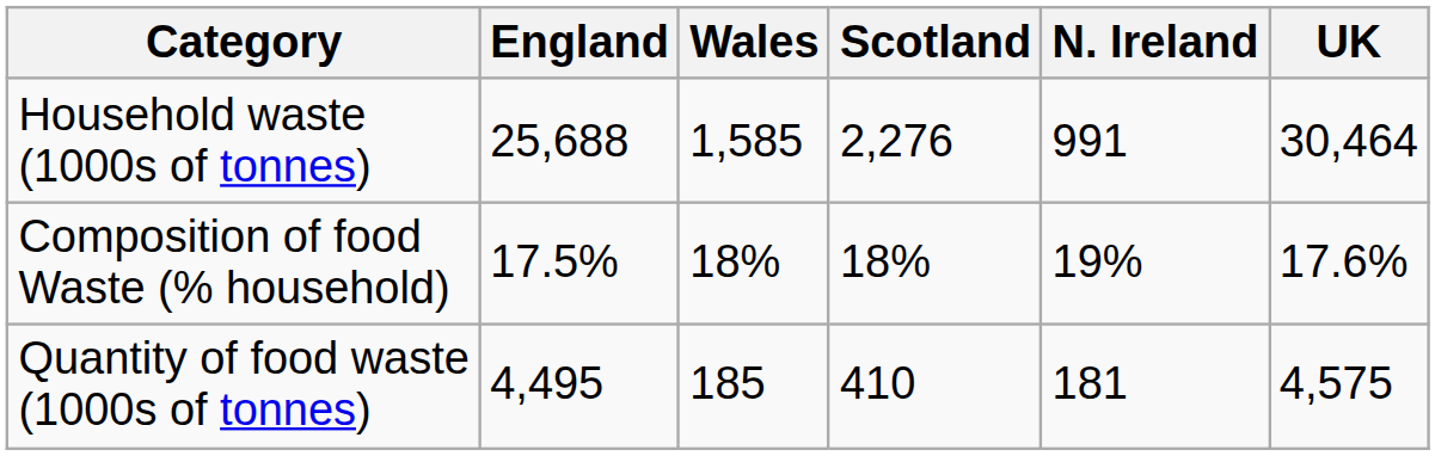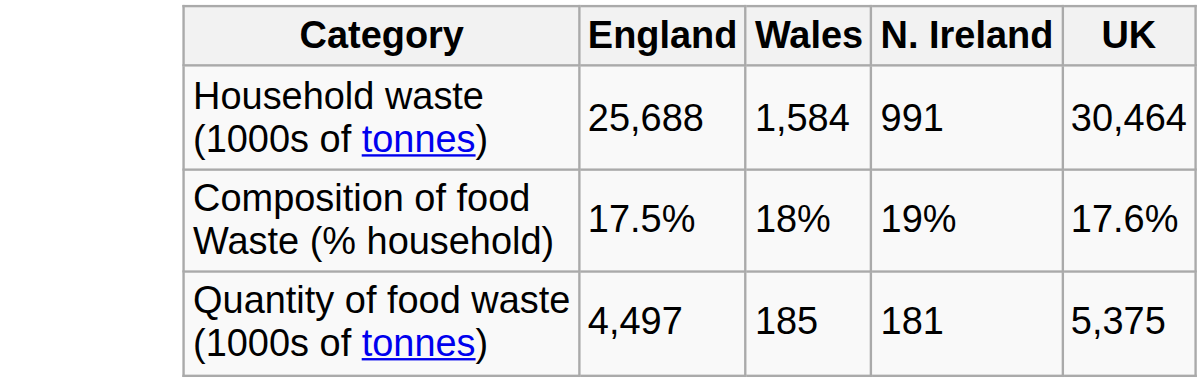 <table class="wikitable" border="1" style="float: right; margin-left: 2em;">
 <tr>
 <th>Category</th>
 <th>England</th>
 <th>Wales</th>
-<th>Scotland</th>
 <th>N. Ireland</th>
 <th>UK</th>
 </tr>
 <tr>
 <td>Household waste<br>(1000s of <a href='#'>tonnes</a>)</td>
 <td>25,688</td>
-<td>1,585</td>
-<td>2,276</td>
+<td>1,584</td>
 <td>991</td>
 <td>30,464</td>
 </tr>
 <tr>
 <td>Composition of food<br>Waste (% household)</td>
 <td>17.5%</td>
 <td>18%</td>
-<td>18%</td>
 <td>19%</td>
 <td>17.6%</td>
 </tr>
 <tr>
 <td>Quantity of food waste<br>(1000s of <a href='#'>tonnes</a>)</td>
-<td>4,495</td>
+<td>4,497</td>
 <td>185</td>
-<td>410</td>
 <td>181</td>
-<td>4,575</td>
+<td>5,375</td>
 </tr>
 </table>
